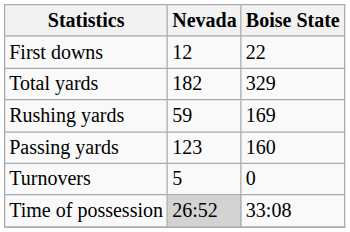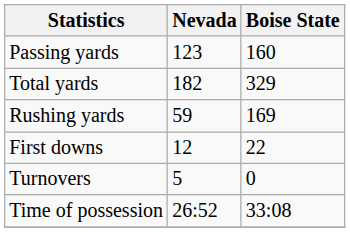 <table class="wikitable">
 <tr>
 <th>Statistics</th>
 <th>Nevada</th>
 <th>Boise State</th>
 </tr>
 <tr>
-<td>First downs</td>
-<td>12</td>
-<td>22</td>
+<td>Passing yards</td>
+<td>123</td>
+<td>160</td>
 </tr>
 <tr>
 <td>Total yards</td>
 <td>182</td>
 <td>329</td>
 </tr>
 <tr>
 <td>Rushing yards</td>
 <td>59</td>
 <td>169</td>
 </tr>
 <tr>
-<td>Passing yards</td>
-<td>123</td>
-<td>160</td>
+<td>First downs</td>
+<td>12</td>
+<td>22</td>
 </tr>
 <tr>
 <td>Turnovers</td>
 <td>5</td>
 <td>0</td>
 </tr>
 <tr>
 <td>Time of possession</td>
-<td style="background: lightgrey;">26:52</td>
+<td>26:52</td>
 <td>33:08</td>
 </tr>
 <tr>
 </tr>
 </table>
